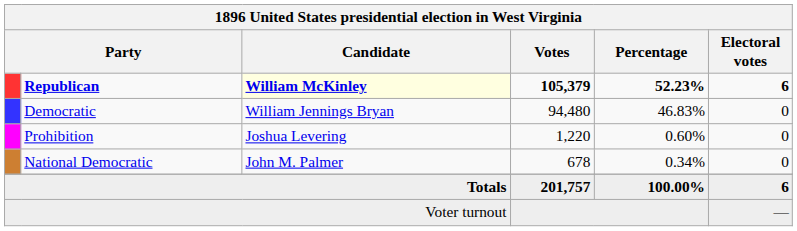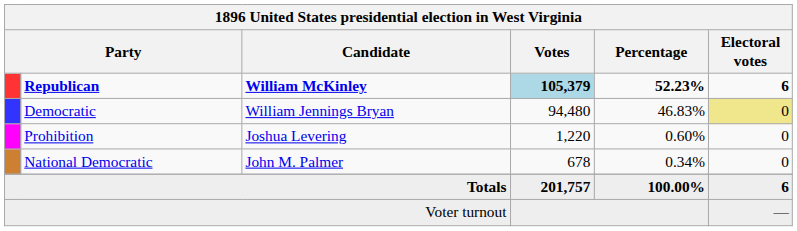 <table class="wikitable" style="font-size: 95%;">
 <tr>
 <th colspan="6">1896 United States presidential election in West Virginia</th>
 </tr>
 <tr>
 <th colspan="2" style="width: 15em">Party</th>
 <th style="width: 17em">Candidate</th>
 <th style="width: 5em">Votes</th>
 <th style="width: 7em">Percentage</th>
 <th style="width: 5em">Electoral votes</th>
 </tr>
 <tr>
 <th style="background-color:#FF3333; width: 3px"></th>
 <td style="width: 130px"><strong><a href='#'>Republican</a></strong></td>
-<td style="background: lightyellow;"><strong><a href='#'>William McKinley</a></strong></td>
-<td align="right"><strong>105,379</strong></td>
+<td><strong><a href='#'>William McKinley</a></strong></td>
+<td align="right" style="background: lightblue;"><strong>105,379</strong></td>
 <td align="right"><strong>52.23%</strong></td>
 <td align="right"><strong>6</strong></td>
 </tr>
 <tr>
 <th style="background-color:#3333FF; width: 3px"></th>
 <td style="width: 130px"><a href='#'>Democratic</a></td>
 <td><a href='#'>William Jennings Bryan</a></td>
 <td align="right">94,480</td>
 <td align="right">46.83%</td>
-<td align="right">0</td>
+<td align="right" style="background: khaki;">0</td>
 </tr>
 <tr>
 <th style="background-color:#FF00FF; width: 3px"></th>
 <td style="width: 130px"><a href='#'>Prohibition</a></td>
 <td><a href='#'>Joshua Levering</a></td>
 <td align="right">1,220</td>
 <td align="right">0.60%</td>
 <td align="right">0</td>
 </tr>
 <tr>
 <th style="background-color:#CD7F32; width: 3px"></th>
 <td style="width: 130px"><a href='#'>National Democratic</a></td>
 <td><a href='#'>John M. Palmer</a></td>
 <td align="right">678</td>
 <td align="right">0.34%</td>
 <td align="right">0</td>
 </tr>
 <tr>
 </tr>
 <tr bgcolor="#EEEEEE">
 <td colspan="3" align="right"><strong>Totals</strong></td>
 <td align="right"><strong>201,757</strong></td>
 <td align="right"><strong>100.00%</strong></td>
 <td align="right"><strong>6</strong></td>
 </tr>
 <tr bgcolor="#EEEEEE">
 <td colspan="3" align="right">Voter turnout</td>
 <td colspan="2" align="right"></td>
 <td align="right">—</td>
 </tr>
 </table>
